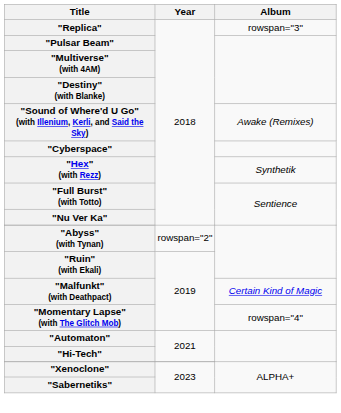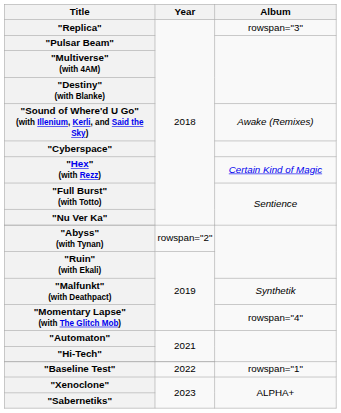 <table class="wikitable plainrowheaders" style="text-align:center;">
 <tr>
 <th style="width:15em;">Title</th>
 <th style="width:2em;">Year</th>
 <th style="width:12em;">Album</th>
 </tr>
 <tr>
 <th scope="row">"Replica"</th>
 <td rowspan="10">2018</td>
 <td>rowspan="3" </td>
 </tr>
 <tr>
 <th scope="row">"Pulsar Beam"</th>
 </tr>
 <tr>
 <th scope="row">"Multiverse"<br><small>(with 4AM)</small></th>
 </tr>
 <tr>
 <th scope="row">"Destiny"<br><small>(with Blanke)</small></th>
 </tr>
 <tr>
 <th scope="row">"Sound of Where'd U Go" <br><small>(with <a href='#'>Illenium</a>, <a href='#'>Kerli</a>, and <a href='#'>Said the Sky</a>)</small></th>
 <td><em>Awake (Remixes)</em></td>
 </tr>
 <tr>
 <th scope="row">"Cyberspace"</th>
 <td></td>
 </tr>
 <tr>
 <th scope="row">"<a href='#'>Hex</a>" <br><small>(with <a href='#'>Rezz</a>)</small></th>
-<td><em>Synthetik</em></td>
+<td><em><a href='#'>Certain Kind of Magic</a></em></td>
 </tr>
 <tr>
 <th scope="row">"Full Burst" <br><small>(with Totto)</small></th>
 <td rowspan="2"><em>Sentience</em></td>
 </tr>
 <tr>
 <th scope="row">"Nu Ver Ka"</th>
 </tr>
 <tr>
 </tr>
 <tr>
 <th scope="row">"Abyss" <br><small>(with Tynan)</small></th>
 <td>rowspan="2" </td>
 </tr>
 <tr>
 <th scope="row">"Ruin" <br><small>(with Ekali)</small></th>
 <td rowspan="3">2019</td>
 </tr>
 <tr>
 <th scope="row">"Malfunkt" <br><small>(with Deathpact)</small></th>
-<td><em><a href='#'>Certain Kind of Magic</a></em></td>
+<td><em>Synthetik</em></td>
 </tr>
 <tr>
 <th scope="row">"Momentary Lapse" <br><small>(with <a href='#'>The Glitch Mob</a>)</small></th>
 <td>rowspan="4" </td>
 </tr>
 <tr>
 <th scope="row">"Automaton"</th>
 <td rowspan="2">2021</td>
 </tr>
 <tr>
 <th scope="row">"Hi-Tech"</th>
 </tr>
 <tr>
 </tr>
 <tr>
+<th scope="row">"Baseline Test"</th>
+<td rowspan="1">2022</td>
+<td>rowspan="1" </td>
+</tr>
+<tr>
 <th scope="row">"Xenoclone"</th>
 <td rowspan="2">2023</td>
 <td rowspan="2">ALPHA+</td>
 </tr>
 <tr>
 <th scope="row">"Sabernetiks"</th>
 </tr>
 </table>
